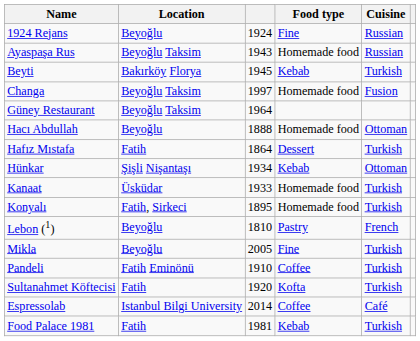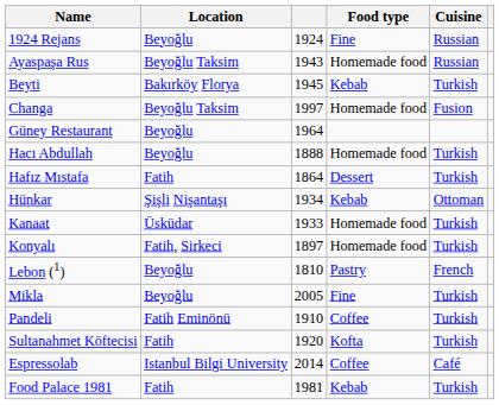 <table class="wikitable sortable">
 <tr>
 <th scope="col">Name</th>
 <th scope="col">Location</th>
 <th scope="col"></th>
 <th scope="col">Food type</th>
 <th scope="col">Cuisine</th>
 <th scope="col"></th>
 </tr>
 <tr>
 <td><a href='#'>1924 Rejans</a></td>
 <td><a href='#'>Beyoğlu</a></td>
 <td>1924</td>
 <td><a href='#'>Fine</a></td>
 <td><a href='#'>Russian</a></td>
 <td></td>
 </tr>
 <tr>
 <td><a href='#'>Ayaspaşa Rus</a></td>
 <td><a href='#'>Beyoğlu</a> <a href='#'>Taksim</a></td>
 <td>1943</td>
 <td>Homemade food</td>
 <td><a href='#'>Russian</a></td>
 <td></td>
 </tr>
 <tr>
 <td><a href='#'>Beyti</a></td>
 <td><a href='#'>Bakırköy</a> <a href='#'>Florya</a></td>
 <td>1945</td>
 <td><a href='#'>Kebab</a></td>
 <td><a href='#'>Turkish</a></td>
 <td></td>
 </tr>
 <tr>
 <td><a href='#'>Changa</a></td>
 <td><a href='#'>Beyoğlu</a> <a href='#'>Taksim</a></td>
 <td>1997</td>
 <td>Homemade food</td>
 <td><a href='#'>Fusion</a></td>
 <td></td>
 </tr>
 <tr>
 <td><a href='#'>Güney Restaurant</a></td>
-<td><a href='#'>Beyoğlu</a> <a href='#'>Taksim</a></td>
+<td><a href='#'>Beyoğlu</a></td>
 <td>1964</td>
 <td></td>
 <td></td>
 <td></td>
 </tr>
 <tr>
 <td><a href='#'>Hacı Abdullah</a></td>
 <td><a href='#'>Beyoğlu</a></td>
 <td>1888</td>
 <td>Homemade food</td>
-<td><a href='#'>Ottoman</a></td>
+<td><a href='#'>Turkish</a></td>
 <td></td>
 </tr>
 <tr>
 <td><a href='#'>Hafız Mıstafa</a></td>
 <td><a href='#'>Fatih</a></td>
 <td>1864</td>
 <td><a href='#'>Dessert</a></td>
 <td><a href='#'>Turkish</a></td>
 <td></td>
 </tr>
 <tr>
 <td><a href='#'>Hünkar</a></td>
 <td><a href='#'>Şişli</a> <a href='#'>Nişantaşı</a></td>
 <td>1934</td>
 <td><a href='#'>Kebab</a></td>
 <td><a href='#'>Ottoman</a></td>
 <td></td>
 </tr>
 <tr>
 <td><a href='#'>Kanaat</a></td>
 <td><a href='#'>Üsküdar</a></td>
 <td>1933</td>
 <td>Homemade food</td>
 <td><a href='#'>Turkish</a></td>
 <td></td>
 </tr>
 <tr>
 <td><a href='#'>Konyalı</a></td>
 <td><a href='#'>Fatih</a>, <a href='#'>Sirkeci</a></td>
-<td>1895</td>
+<td>1897</td>
 <td>Homemade food</td>
 <td><a href='#'>Turkish</a></td>
 <td></td>
 </tr>
 <tr>
 <td><a href='#'>Lebon</a> (<sup>1</sup>)</td>
 <td><a href='#'>Beyoğlu</a></td>
 <td>1810</td>
 <td><a href='#'>Pastry</a></td>
 <td><a href='#'>French</a></td>
 <td></td>
 </tr>
 <tr>
 <td><a href='#'>Mikla</a></td>
 <td><a href='#'>Beyoğlu</a></td>
 <td>2005</td>
 <td><a href='#'>Fine</a></td>
 <td><a href='#'>Turkish</a></td>
 <td></td>
 </tr>
 <tr>
 <td><a href='#'>Pandeli</a></td>
 <td><a href='#'>Fatih</a> <a href='#'>Eminönü</a></td>
 <td>1910</td>
 <td><a href='#'>Coffee</a></td>
 <td><a href='#'>Turkish</a></td>
 <td></td>
 </tr>
 <tr>
 <td><a href='#'>Sultanahmet Köftecisi</a></td>
 <td><a href='#'>Fatih</a></td>
 <td>1920</td>
 <td><a href='#'>Kofta</a></td>
 <td><a href='#'>Turkish</a></td>
 <td></td>
 </tr>
 <tr>
 <td><a href='#'>Espressolab</a></td>
 <td><a href='#'>Istanbul Bilgi University</a></td>
 <td>2014</td>
 <td><a href='#'>Coffee</a></td>
 <td><a href='#'>Café</a></td>
 <td></td>
 </tr>
 <tr>
 <td><a href='#'>Food Palace 1981</a></td>
 <td><a href='#'>Fatih</a></td>
 <td>1981</td>
 <td><a href='#'>Kebab</a></td>
 <td><a href='#'>Turkish</a></td>
 <td></td>
 </tr>
 </table>
